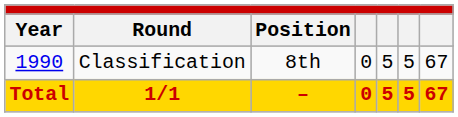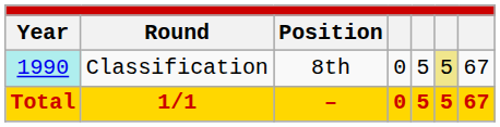 <table class="wikitable" style="text-align: center;">
 <tr>
 <th style="background:#CC0000;" colspan="7"><a href='#'></a></th>
 </tr>
 <tr>
 <th>Year</th>
 <th>Round</th>
 <th>Position</th>
 <th></th>
 <th></th>
 <th></th>
 <th></th>
 </tr>
 <tr>
-<td> <a href='#'>1990</a></td>
+<td style="background: paleturquoise;"> <a href='#'>1990</a></td>
 <td>Classification</td>
 <td>8th</td>
 <td>0</td>
 <td>5</td>
-<td>5</td>
+<td style="background: khaki;">5</td>
 <td>67</td>
 </tr>
 <tr>
 <th style="color:#CC0000; background:#FFD700;">Total</th>
 <th style="color:#CC0000; background:#FFD700;">1/1</th>
 <th style="color:#CC0000; background:#FFD700;">–</th>
 <th style="color:#CC0000; background:#FFD700;">0</th>
 <th style="color:#CC0000; background:#FFD700;">5</th>
 <th style="color:#CC0000; background:#FFD700;">5</th>
 <th style="color:#CC0000; background:#FFD700;">67</th>
 </tr>
 </table>
